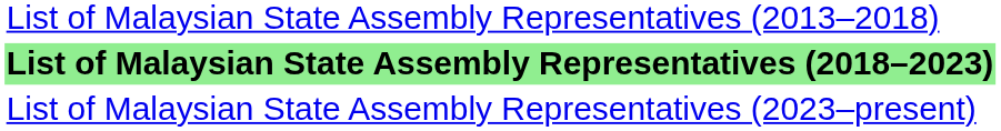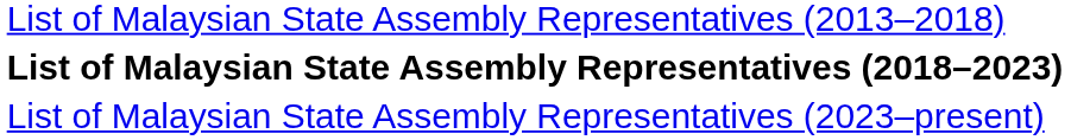 <table id=toc style="float:right">
 <tr>
 <td><a href='#'>List of Malaysian State Assembly Representatives (2013–2018)</a></td>
 </tr>
 <tr>
-<td style="background: lightgreen;"><strong>List of Malaysian State Assembly Representatives (2018–2023)</strong></td>
+<td><strong>List of Malaysian State Assembly Representatives (2018–2023)</strong></td>
 </tr>
 <tr>
 <td><a href='#'>List of Malaysian State Assembly Representatives (2023–present)</a></td>
 </tr>
 </table>
